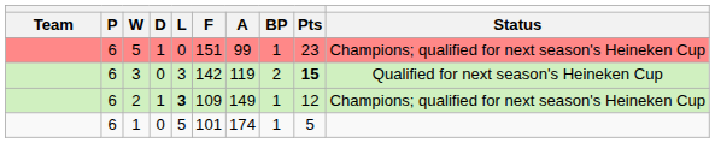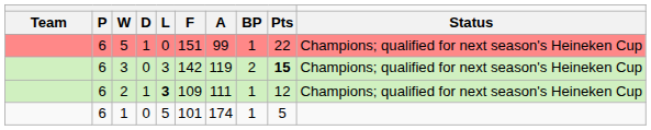 <table class="wikitable" style="text-align:center;">
 <tr>
 <th colspan="9" width="317px"></th>
 </tr>
 <tr>
 <th width="90px">Team</th>
 <th>P</th>
 <th>W</th>
 <th>D</th>
 <th>L</th>
 <th width="23px">F</th>
 <th width="23px">A</th>
 <th>BP</th>
 <th width="23px">Pts</th>
 <th>Status</th>
 </tr>
 <tr bgcolor="#FF8888">
 <td></td>
 <td>6</td>
 <td>5</td>
 <td>1</td>
 <td>0</td>
 <td>151</td>
 <td>99</td>
 <td>1</td>
-<td>23</td>
+<td>22</td>
 <td>Champions; qualified for next season's Heineken Cup</td>
 </tr>
 <tr bgcolor="#D0F0C0">
 <td></td>
 <td>6</td>
 <td>3</td>
 <td>0</td>
 <td>3</td>
 <td>142</td>
 <td>119</td>
 <td>2</td>
 <td><strong>15</strong></td>
-<td>Qualified for next season's Heineken Cup</td>
+<td>Champions; qualified for next season's Heineken Cup</td>
 </tr>
 <tr bgcolor="#D0F0C0">
 <td></td>
 <td>6</td>
 <td>2</td>
 <td>1</td>
 <td><strong>3</strong></td>
 <td>109</td>
-<td>149</td>
+<td>111</td>
 <td>1</td>
 <td>12</td>
 <td>Champions; qualified for next season's Heineken Cup</td>
 </tr>
 <tr>
 <td></td>
 <td>6</td>
 <td>1</td>
 <td>0</td>
 <td>5</td>
 <td>101</td>
 <td>174</td>
 <td>1</td>
 <td>5</td>
 <td></td>
 </tr>
 </table>
